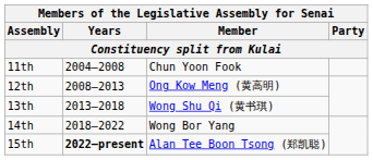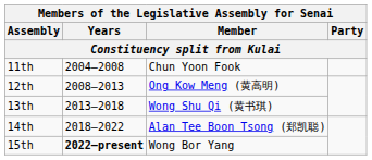 <table class="wikitable">
 <tr>
 <th colspan="4">Members of the Legislative Assembly for Senai</th>
 </tr>
 <tr>
 <th>Assembly</th>
 <th>Years</th>
 <th>Member</th>
 <th>Party</th>
 </tr>
 <tr>
 <th colspan="4"><em>Constituency split from Kulai</em></th>
 </tr>
 <tr>
 <td>11th</td>
 <td>2004–2008</td>
 <td>Chun Yoon Fook</td>
 <td></td>
 </tr>
 <tr>
 <td>12th</td>
 <td>2008–2013</td>
 <td><a href='#'>Ong Kow Meng</a> (黄高明)</td>
 <td rowspan="2"></td>
 </tr>
 <tr>
 <td>13th</td>
 <td>2013–2018</td>
 <td><a href='#'>Wong Shu Qi</a> (黄书琪)</td>
 </tr>
 <tr>
 <td>14th</td>
 <td>2018–2022</td>
-<td>Wong Bor Yang</td>
+<td><a href='#'>Alan Tee Boon Tsong</a> (郑凯聪)</td>
 <td rowspan="2"></td>
 </tr>
 <tr>
 <td>15th</td>
 <td><strong>2022–present</strong></td>
-<td><a href='#'>Alan Tee Boon Tsong</a> (郑凯聪)</td>
+<td>Wong Bor Yang</td>
 </tr>
 </table>
